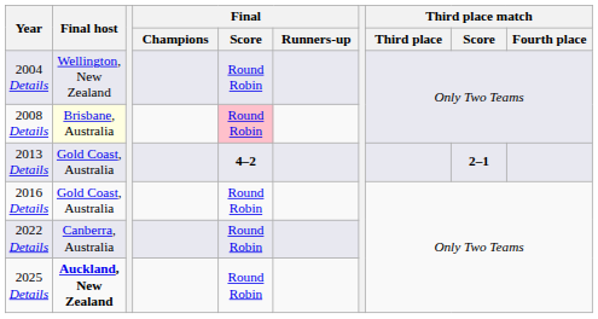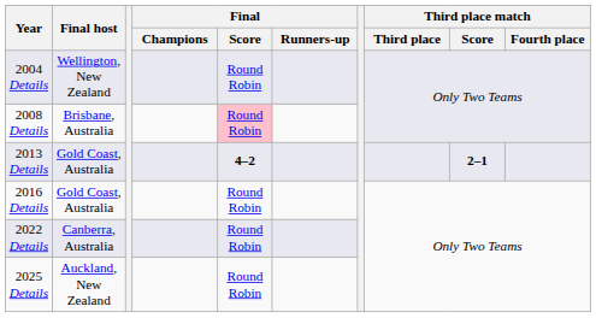 <table class="wikitable" style="font-size:90%; width: 100%; text-align: center;">
 <tr>
 <th rowspan=2 width=6%>Year</th>
 <th rowspan=2 width=12%>Final host</th>
 <th width=1% rowspan=10></th>
 <th colspan=3>Final</th>
 <th width=1% rowspan=10></th>
 <th colspan=3>Third place match</th>
 </tr>
 <tr>
 <th width=14%>Champions</th>
 <th width=9%>Score</th>
 <th width=14%>Runners-up</th>
 <th width=14%>Third place</th>
 <th width=9%>Score</th>
 <th width=14%>Fourth place</th>
 </tr>
 <tr bgcolor = #E8E8F0>
 <td>2004<br><em><a href='#'>Details</a></em></td>
 <td><a href='#'>Wellington</a>, New Zealand</td>
 <td><strong></strong></td>
 <td><a href='#'>Round Robin</a></td>
 <td></td>
 <td colspan=3; rowspan=2><em>Only Two Teams</em></td>
 </tr>
 <tr>
 <td>2008<br><em><a href='#'>Details</a></em></td>
-<td style="background: lightyellow;"><a href='#'>Brisbane</a>, Australia</td>
+<td><a href='#'>Brisbane</a>, Australia</td>
 <td><strong></strong></td>
 <td style="background: pink;"><a href='#'>Round Robin</a></td>
 <td></td>
 </tr>
 <tr bgcolor = #E8E8F0>
 <td>2013<br><em><a href='#'>Details</a></em></td>
 <td><a href='#'>Gold Coast</a>, Australia</td>
 <td><strong></strong></td>
 <td><strong>4–2</strong></td>
 <td></td>
 <td><strong></strong></td>
 <td><strong>2–1</strong></td>
 <td></td>
 </tr>
 <tr>
 <td>2016<br><em><a href='#'>Details</a></em></td>
 <td><a href='#'>Gold Coast</a>, Australia</td>
 <td><strong></strong></td>
 <td><a href='#'>Round Robin</a></td>
 <td></td>
 <td colspan=3; rowspan=3><em>Only Two Teams</em></td>
 </tr>
 <tr bgcolor = #E8E8F0>
 <td>2022<br><em><a href='#'>Details</a></em></td>
 <td><a href='#'>Canberra</a>, Australia</td>
 <td><strong></strong></td>
 <td><a href='#'>Round Robin</a></td>
 <td></td>
 </tr>
 <tr bgcolor>
 <td>2025<br><em><a href='#'>Details</a></em></td>
-<td><strong><a href='#'>Auckland</a>, New Zealand</strong></td>
+<td><a href='#'>Auckland</a>, New Zealand</td>
 <td><strong></strong></td>
 <td><a href='#'>Round Robin</a></td>
 <td></td>
 </tr>
 </table>
